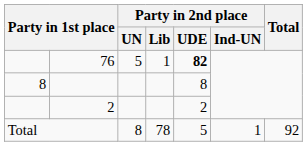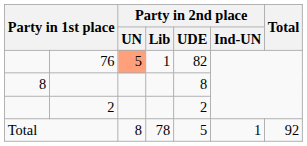 <table class="wikitable" style="text-align:right;">
 <tr>
 <th rowspan="2" colspan="2" style="text-align:left;">Party in 1st place</th>
 <th colspan="4">Party in 2nd place</th>
 <th rowspan="2">Total</th>
 </tr>
 <tr>
 <th>UN</th>
 <th>Lib</th>
 <th>UDE</th>
 <th>Ind-UN</th>
 </tr>
 <tr>
 <td></td>
 <td>76</td>
-<td>5</td>
+<td style="background: lightsalmon;">5</td>
 <td>1</td>
-<td><strong>82</strong></td>
+<td>82</td>
 </tr>
 <tr>
 <td>8</td>
 <td></td>
 <td></td>
 <td></td>
 <td>8</td>
 </tr>
 <tr>
 <td></td>
 <td>2</td>
 <td></td>
 <td></td>
 <td>2</td>
 </tr>
 <tr>
 <td colspan="2" style="text-align:left;">Total</td>
 <td>8</td>
 <td>78</td>
 <td>5</td>
 <td>1</td>
 <td>92</td>
 </tr>
 </table>
